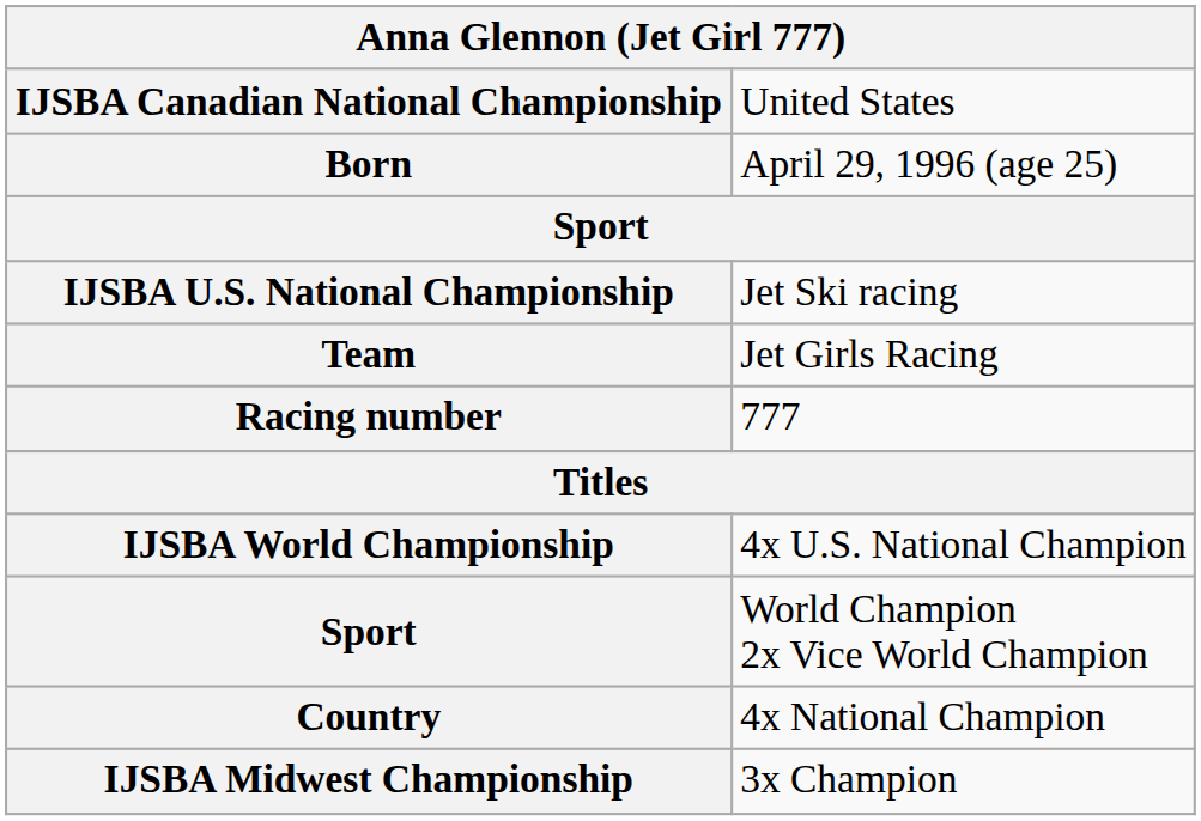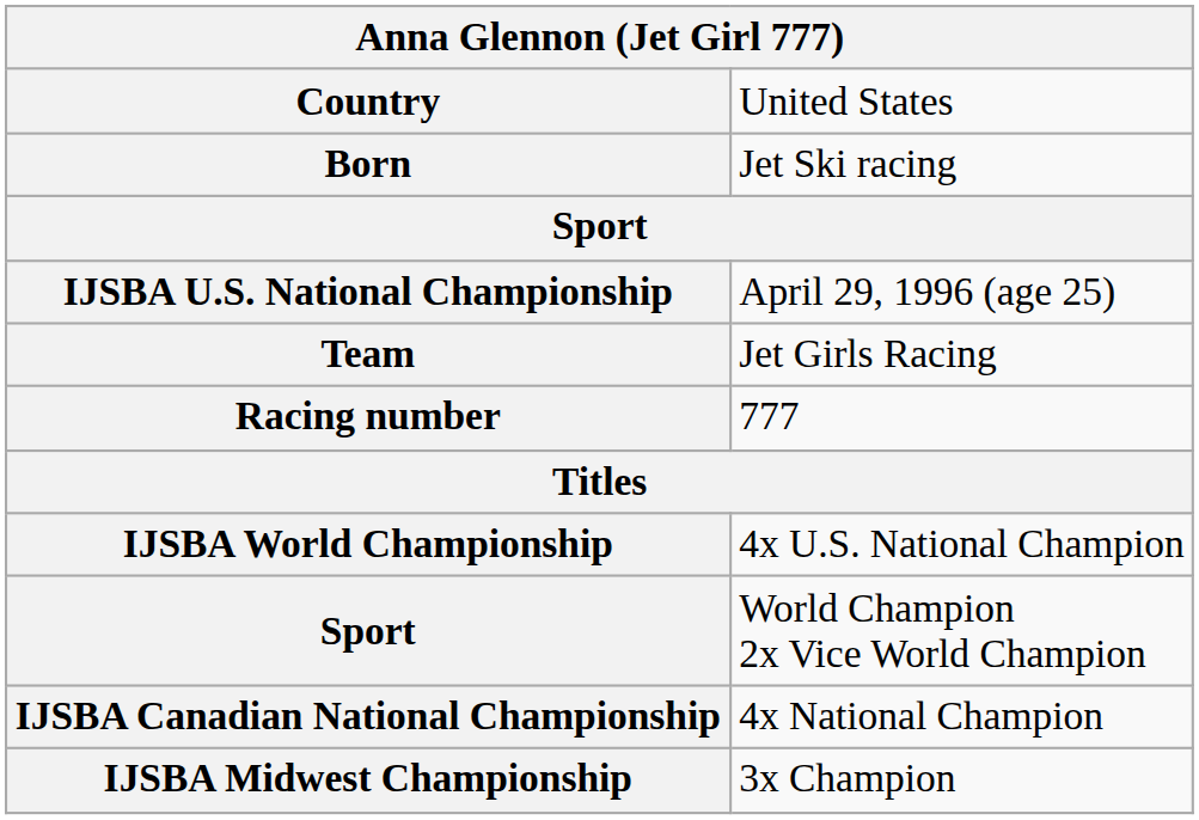 <table class="wikitable">
 <tr>
 <th colspan="2">Anna Glennon (Jet Girl 777)</th>
 </tr>
 <tr>
-<th>IJSBA Canadian National Championship</th>
+<th>Country</th>
 <td>United States</td>
 </tr>
 <tr>
 <th>Born</th>
-<td>April 29, 1996 (age 25)</td>
+<td>Jet Ski racing</td>
 </tr>
 <tr>
 <th colspan="2">Sport</th>
 </tr>
 <tr>
 <th>IJSBA U.S. National Championship</th>
-<td>Jet Ski racing</td>
+<td>April 29, 1996 (age 25)</td>
 </tr>
 <tr>
 <th>Team</th>
 <td>Jet Girls Racing</td>
 </tr>
 <tr>
 <th>Racing number</th>
 <td>777</td>
 </tr>
 <tr>
 <th colspan="2">Titles</th>
 </tr>
 <tr>
 <th>IJSBA World Championship</th>
 <td>4x U.S. National Champion</td>
 </tr>
 <tr>
 <th>Sport</th>
 <td>World Champion<br>2x Vice World Champion</td>
 </tr>
 <tr>
-<th>Country</th>
+<th>IJSBA Canadian National Championship</th>
 <td>4x National Champion</td>
 </tr>
 <tr>
 <th>IJSBA Midwest Championship</th>
 <td>3x Champion</td>
 </tr>
 </table>
